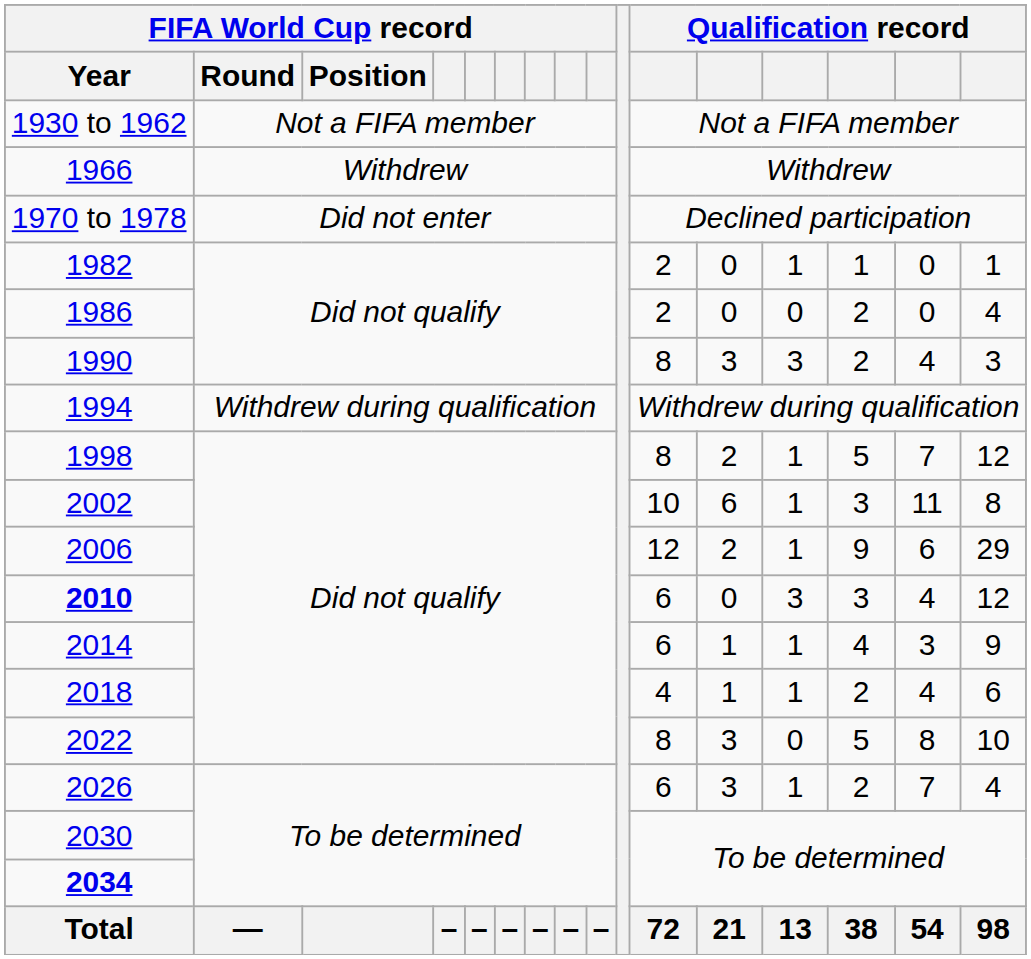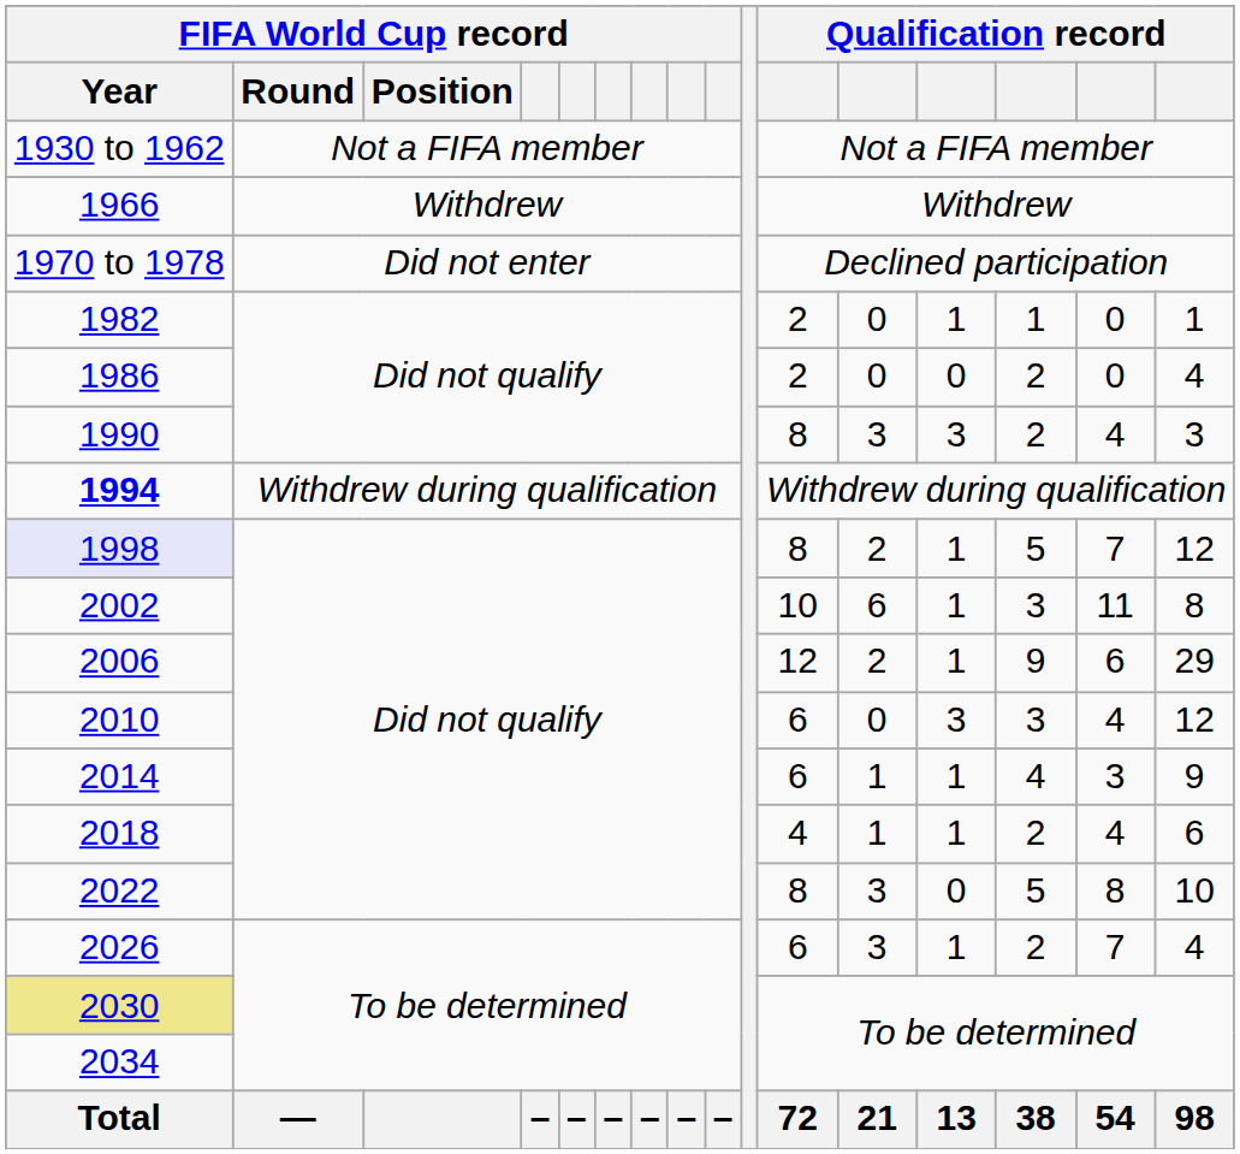 <table class="wikitable" style="text-align: center;">
 <tr>
 <th colspan=9><a href='#'>FIFA World Cup</a> record</th>
 <th rowspan=38></th>
 <th colspan="6"><a href='#'>Qualification</a> record</th>
 </tr>
 <tr>
 <th>Year</th>
 <th>Round</th>
 <th>Position</th>
 <th></th>
 <th></th>
 <th></th>
 <th></th>
 <th></th>
 <th></th>
 <th></th>
 <th></th>
 <th></th>
 <th></th>
 <th></th>
 <th></th>
 </tr>
 <tr>
 <td> <a href='#'>1930</a> to  <a href='#'>1962</a></td>
 <td colspan=8><em>Not a FIFA member</em></td>
 <td colspan=6><em>Not a FIFA member</em></td>
 </tr>
 <tr>
 <td> <a href='#'>1966</a></td>
 <td colspan=8><em>Withdrew</em></td>
 <td colspan=6><em>Withdrew</em></td>
 </tr>
 <tr>
 <td> <a href='#'>1970</a> to  <a href='#'>1978</a></td>
 <td colspan=8><em>Did not enter</em></td>
 <td colspan=6><em>Declined participation</em></td>
 </tr>
 <tr>
 <td> <a href='#'>1982</a></td>
 <td colspan=8 rowspan=3><em>Did not qualify</em></td>
 <td>2</td>
 <td>0</td>
 <td>1</td>
 <td>1</td>
 <td>0</td>
 <td>1</td>
 </tr>
 <tr>
 <td> <a href='#'>1986</a></td>
 <td>2</td>
 <td>0</td>
 <td>0</td>
 <td>2</td>
 <td>0</td>
 <td>4</td>
 </tr>
 <tr>
 <td> <a href='#'>1990</a></td>
 <td>8</td>
 <td>3</td>
 <td>3</td>
 <td>2</td>
 <td>4</td>
 <td>3</td>
 </tr>
 <tr>
-<td> <a href='#'>1994</a></td>
+<td><strong> <a href='#'>1994</a></strong></td>
 <td colspan=8><em>Withdrew during qualification</em></td>
 <td colspan=6><em>Withdrew during qualification</em></td>
 </tr>
 <tr>
-<td> <a href='#'>1998</a></td>
+<td style="background: lavender;"> <a href='#'>1998</a></td>
 <td colspan=8 rowspan=7><em>Did not qualify</em></td>
 <td>8</td>
 <td>2</td>
 <td>1</td>
 <td>5</td>
 <td>7</td>
 <td>12</td>
 </tr>
 <tr>
 <td>  <a href='#'>2002</a></td>
 <td>10</td>
 <td>6</td>
 <td>1</td>
 <td>3</td>
 <td>11</td>
 <td>8</td>
 </tr>
 <tr>
 <td> <a href='#'>2006</a></td>
 <td>12</td>
 <td>2</td>
 <td>1</td>
 <td>9</td>
 <td>6</td>
 <td>29</td>
 </tr>
 <tr>
-<td><strong> <a href='#'>2010</a></strong></td>
+<td> <a href='#'>2010</a></td>
 <td>6</td>
 <td>0</td>
 <td>3</td>
 <td>3</td>
 <td>4</td>
 <td>12</td>
 </tr>
 <tr>
 <td> <a href='#'>2014</a></td>
 <td>6</td>
 <td>1</td>
 <td>1</td>
 <td>4</td>
 <td>3</td>
 <td>9</td>
 </tr>
 <tr>
 <td> <a href='#'>2018</a></td>
 <td>4</td>
 <td>1</td>
 <td>1</td>
 <td>2</td>
 <td>4</td>
 <td>6</td>
 </tr>
 <tr>
 <td> <a href='#'>2022</a></td>
 <td>8</td>
 <td>3</td>
 <td>0</td>
 <td>5</td>
 <td>8</td>
 <td>10</td>
 </tr>
 <tr>
 <td>   <a href='#'>2026</a></td>
 <td colspan=8 rowspan=3><em>To be determined</em></td>
 <td>6</td>
 <td>3</td>
 <td>1</td>
 <td>2</td>
 <td>7</td>
 <td>4</td>
 </tr>
 <tr>
-<td>   <a href='#'>2030</a></td>
+<td style="background: khaki;">   <a href='#'>2030</a></td>
 <td colspan=6 rowspan=2><em>To be determined</em></td>
 </tr>
 <tr>
-<td><strong> <a href='#'>2034</a></strong></td>
+<td> <a href='#'>2034</a></td>
 </tr>
 <tr>
 <th>Total</th>
 <th>—</th>
 <th></th>
 <th>–</th>
 <th>–</th>
 <th>–</th>
 <th>–</th>
 <th>–</th>
 <th>–</th>
 <th>72</th>
 <th>21</th>
 <th>13</th>
 <th>38</th>
 <th>54</th>
 <th>98</th>
 </tr>
 </table>
